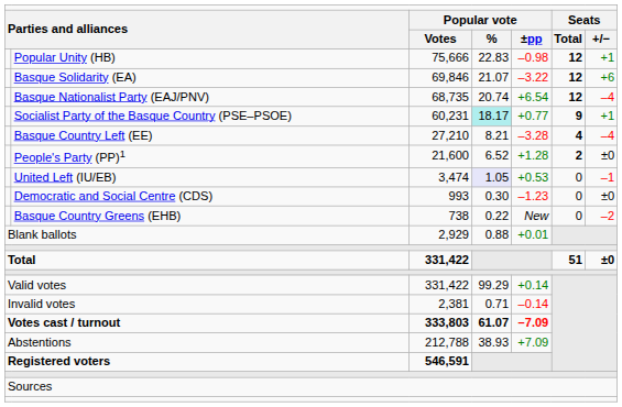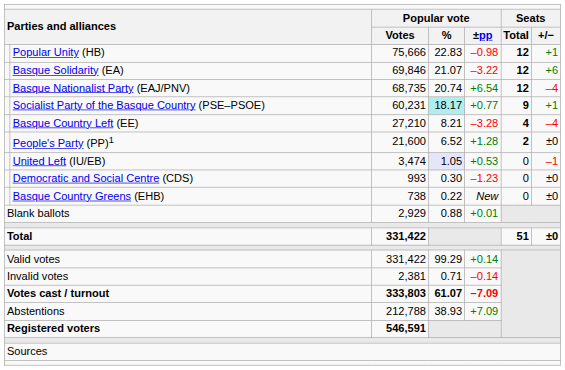 <table class="wikitable" style="text-align:right;">
 <tr>
 <td colspan="7"></td>
 </tr>
 <tr>
 <th style="text-align:left;" rowspan="2" colspan="2" width="525">Parties and alliances</th>
 <th colspan="3">Popular vote</th>
 <th colspan="2">Seats</th>
 </tr>
 <tr>
 <th width="75">Votes</th>
 <th width="45">%</th>
 <th width="45">±<a href='#'>pp</a></th>
 <th width="35">Total</th>
 <th width="35">+/−</th>
 </tr>
 <tr>
 <td width="1" style="color:inherit;background:"></td>
 <td align="left"><a href='#'>Popular Unity</a> (HB)</td>
 <td>75,666</td>
 <td>22.83</td>
 <td style="color:red;">–0.98</td>
 <td><strong>12</strong></td>
 <td style="color:green;">+1</td>
 </tr>
 <tr>
 <td style="color:inherit;background:"></td>
 <td align="left"><a href='#'>Basque Solidarity</a> (EA)</td>
 <td>69,846</td>
 <td>21.07</td>
 <td style="color:red;">–3.22</td>
 <td><strong>12</strong></td>
 <td style="color:green;">+6</td>
 </tr>
 <tr>
 <td style="color:inherit;background:"></td>
 <td align="left"><a href='#'>Basque Nationalist Party</a> (EAJ/PNV)</td>
 <td>68,735</td>
 <td>20.74</td>
 <td style="color:green;">+6.54</td>
 <td><strong>12</strong></td>
 <td style="color:red;">–4</td>
 </tr>
 <tr>
 <td style="color:inherit;background:"></td>
 <td align="left"><a href='#'>Socialist Party of the Basque Country</a> (PSE–PSOE)</td>
 <td>60,231</td>
 <td style="background: paleturquoise;">18.17</td>
 <td style="color:green;">+0.77</td>
 <td><strong>9</strong></td>
 <td style="color:green;">+1</td>
 </tr>
 <tr>
 <td style="color:inherit;background:"></td>
 <td align="left"><a href='#'>Basque Country Left</a> (EE)</td>
 <td>27,210</td>
 <td>8.21</td>
 <td style="color:red;">–3.28</td>
 <td><strong>4</strong></td>
 <td style="color:red;">–4</td>
 </tr>
 <tr>
 <td style="color:inherit;background:"></td>
 <td align="left"><a href='#'>People's Party</a> (PP)<sup>1</sup></td>
 <td>21,600</td>
 <td>6.52</td>
 <td style="color:green;">+1.28</td>
 <td><strong>2</strong></td>
 <td>±0</td>
 </tr>
 <tr>
 <td style="color:inherit;background:"></td>
 <td align="left"><a href='#'>United Left</a> (IU/EB)</td>
 <td>3,474</td>
 <td style="background: lavender;">1.05</td>
 <td style="color:green;">+0.53</td>
 <td>0</td>
 <td style="color:red;">–1</td>
 </tr>
 <tr>
 <td style="color:inherit;background:"></td>
 <td align="left"><a href='#'>Democratic and Social Centre</a> (CDS)</td>
 <td>993</td>
 <td>0.30</td>
 <td style="color:red;">–1.23</td>
 <td>0</td>
 <td>±0</td>
 </tr>
 <tr>
 <td style="color:inherit;background:"></td>
 <td align="left"><a href='#'>Basque Country Greens</a> (EHB)</td>
 <td>738</td>
 <td>0.22</td>
 <td><em>New</em></td>
 <td>0</td>
-<td style="color:red;">–2</td>
+<td>±0</td>
 </tr>
 <tr>
 <td align="left" colspan="2">Blank ballots</td>
 <td>2,929</td>
 <td>0.88</td>
 <td style="color:green;">+0.01</td>
 <td bgcolor="#E9E9E9" colspan="2"></td>
 </tr>
 <tr>
 <td colspan="7" bgcolor="#E9E9E9"></td>
 </tr>
 <tr style="font-weight:bold;">
 <td align="left" colspan="2">Total</td>
 <td>331,422</td>
 <td bgcolor="#E9E9E9" colspan="2"></td>
 <td>51</td>
 <td>±0</td>
 </tr>
 <tr>
 <td colspan="7" bgcolor="#E9E9E9"></td>
 </tr>
 <tr>
 <td align="left" colspan="2">Valid votes</td>
 <td>331,422</td>
 <td>99.29</td>
 <td style="color:green;">+0.14</td>
 <td bgcolor="#E9E9E9" colspan="2" rowspan="5"></td>
 </tr>
 <tr>
 <td align="left" colspan="2">Invalid votes</td>
 <td>2,381</td>
 <td>0.71</td>
 <td style="color:red;">–0.14</td>
 </tr>
 <tr style="font-weight:bold;">
 <td align="left" colspan="2">Votes cast / turnout</td>
 <td>333,803</td>
 <td>61.07</td>
 <td style="color:red;">–7.09</td>
 </tr>
 <tr>
 <td align="left" colspan="2">Abstentions</td>
 <td>212,788</td>
 <td>38.93</td>
 <td style="color:green;">+7.09</td>
 </tr>
 <tr style="font-weight:bold;">
 <td align="left" colspan="2">Registered voters</td>
 <td>546,591</td>
 <td bgcolor="#E9E9E9" colspan="2"></td>
 </tr>
 <tr>
 <td colspan="7" bgcolor="#E9E9E9"></td>
 </tr>
 <tr>
 <td align="left" colspan="7">Sources</td>
 </tr>
 <tr>
 <td colspan="7" style="text-align:left; max-width:790px;"></td>
 </tr>
 </table>
